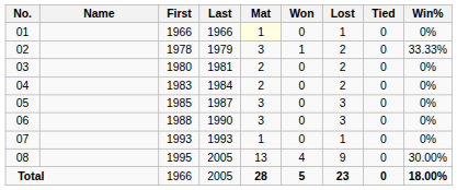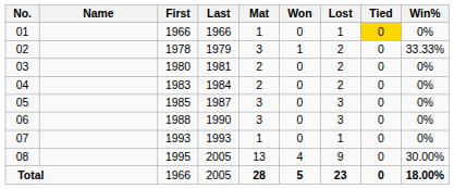 <table class="wikitable sortable" style="margin: 1em auto 1em auto">
 <tr>
 <th width="40">No.</th>
 <th width="160">Name</th>
 <th width="50">First</th>
 <th width="50">Last</th>
 <th width="50">Mat</th>
 <th width="50">Won</th>
 <th width="50">Lost</th>
 <th width="50">Tied</th>
 <th width="60">Win%</th>
 </tr>
 <tr align=center>
 <td><span>0</span>1</td>
 <td align=left></td>
 <td>1966</td>
 <td>1966</td>
-<td style="background: lightyellow;">1</td>
+<td>1</td>
 <td>0</td>
 <td>1</td>
-<td>0</td>
+<td style="background: gold;">0</td>
 <td>0%</td>
 </tr>
 <tr align=center>
 <td><span>0</span>2</td>
 <td align=left></td>
 <td>1978</td>
 <td>1979</td>
 <td>3</td>
 <td>1</td>
 <td>2</td>
 <td>0</td>
 <td>33.33%</td>
 </tr>
 <tr align=center>
 <td><span>0</span>3</td>
 <td align=left></td>
 <td>1980</td>
 <td>1981</td>
 <td>2</td>
 <td>0</td>
 <td>2</td>
 <td>0</td>
 <td>0%</td>
 </tr>
 <tr align=center>
 <td><span>0</span>4</td>
 <td align=left></td>
 <td>1983</td>
 <td>1984</td>
 <td>2</td>
 <td>0</td>
 <td>2</td>
 <td>0</td>
 <td>0%</td>
 </tr>
 <tr align=center>
 <td><span>0</span>5</td>
 <td align=left></td>
 <td>1985</td>
 <td>1987</td>
 <td>3</td>
 <td>0</td>
 <td>3</td>
 <td>0</td>
 <td>0%</td>
 </tr>
 <tr align=center>
 <td><span>0</span>6</td>
 <td align=left></td>
 <td>1988</td>
 <td>1990</td>
 <td>3</td>
 <td>0</td>
 <td>3</td>
 <td>0</td>
 <td>0%</td>
 </tr>
 <tr align=center>
 <td><span>0</span>7</td>
 <td align=left></td>
 <td>1993</td>
 <td>1993</td>
 <td>1</td>
 <td>0</td>
 <td>1</td>
 <td>0</td>
 <td>0%</td>
 </tr>
 <tr align=center>
 <td><span>0</span>8</td>
 <td align=left></td>
 <td>1995</td>
 <td>2005</td>
 <td>13</td>
 <td>4</td>
 <td>9</td>
 <td>0</td>
 <td>30.00%</td>
 </tr>
 <tr class="sortbottom" align=center>
 <td colspan=2 align=left><strong>   Total</strong></td>
 <td>1966</td>
 <td>2005</td>
 <td><strong>28</strong></td>
 <td><strong>5</strong></td>
 <td><strong>23</strong></td>
 <td><strong>0</strong></td>
 <td><strong>18.00%</strong></td>
 </tr>
 </table>
